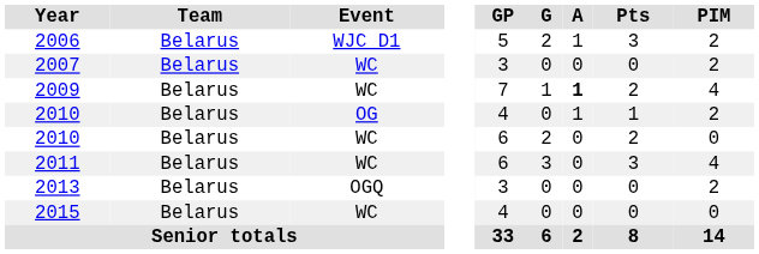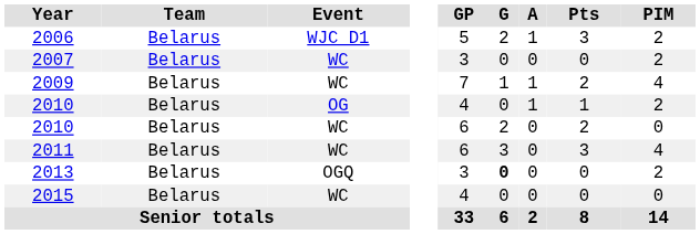 <table border="0" cellpadding="1" cellspacing="0" style="text-align:center; width:40em">
 <tr ALIGN="center" bgcolor="#e0e0e0">
 <th>Year</th>
 <th>Team</th>
 <th>Event</th>
 <th ALIGN="center" rowspan="99" bgcolor="#ffffff"> </th>
 <th>GP</th>
 <th>G</th>
 <th>A</th>
 <th>Pts</th>
 <th>PIM</th>
 </tr>
 <tr>
 <td><a href='#'>2006</a></td>
 <td><a href='#'>Belarus</a></td>
 <td><a href='#'>WJC D1</a></td>
 <td>5</td>
 <td>2</td>
 <td>1</td>
 <td>3</td>
 <td>2</td>
 </tr>
 <tr bgcolor="#f0f0f0">
 <td><a href='#'>2007</a></td>
 <td><a href='#'>Belarus</a></td>
 <td><a href='#'>WC</a></td>
 <td>3</td>
 <td>0</td>
 <td>0</td>
 <td>0</td>
 <td>2</td>
 </tr>
 <tr>
 <td><a href='#'>2009</a></td>
 <td>Belarus</td>
 <td>WC</td>
 <td>7</td>
 <td>1</td>
-<td><strong>1</strong></td>
+<td>1</td>
 <td>2</td>
 <td>4</td>
 </tr>
 <tr bgcolor="#f0f0f0">
 <td><a href='#'>2010</a></td>
 <td>Belarus</td>
 <td><a href='#'>OG</a></td>
 <td>4</td>
 <td>0</td>
 <td>1</td>
 <td>1</td>
 <td>2</td>
 </tr>
 <tr>
 <td><a href='#'>2010</a></td>
 <td>Belarus</td>
 <td>WC</td>
 <td>6</td>
 <td>2</td>
 <td>0</td>
 <td>2</td>
 <td>0</td>
 </tr>
 <tr bgcolor="#f0f0f0">
 <td><a href='#'>2011</a></td>
 <td>Belarus</td>
 <td>WC</td>
 <td>6</td>
 <td>3</td>
 <td>0</td>
 <td>3</td>
 <td>4</td>
 </tr>
 <tr>
 <td><a href='#'>2013</a></td>
 <td>Belarus</td>
 <td>OGQ</td>
 <td>3</td>
-<td>0</td>
+<td><strong>0</strong></td>
 <td>0</td>
 <td>0</td>
 <td>2</td>
 </tr>
 <tr bgcolor="#f0f0f0">
 <td><a href='#'>2015</a></td>
 <td>Belarus</td>
 <td>WC</td>
 <td>4</td>
 <td>0</td>
 <td>0</td>
 <td>0</td>
 <td>0</td>
 </tr>
 <tr bgcolor="#e0e0e0">
 <th colspan="3">Senior totals</th>
 <th>33</th>
 <th>6</th>
 <th>2</th>
 <th>8</th>
 <th>14</th>
 </tr>
 </table>
